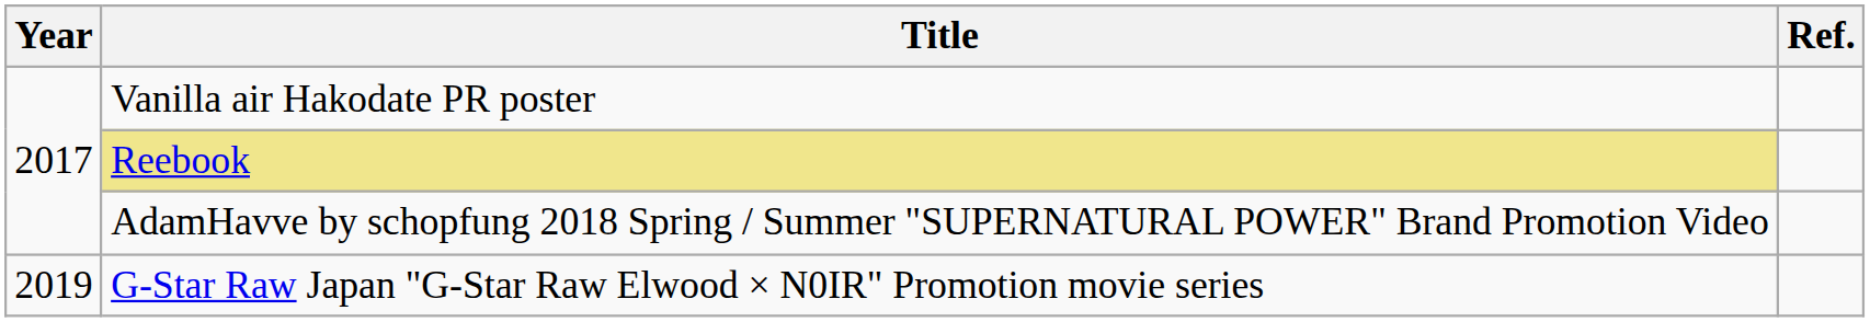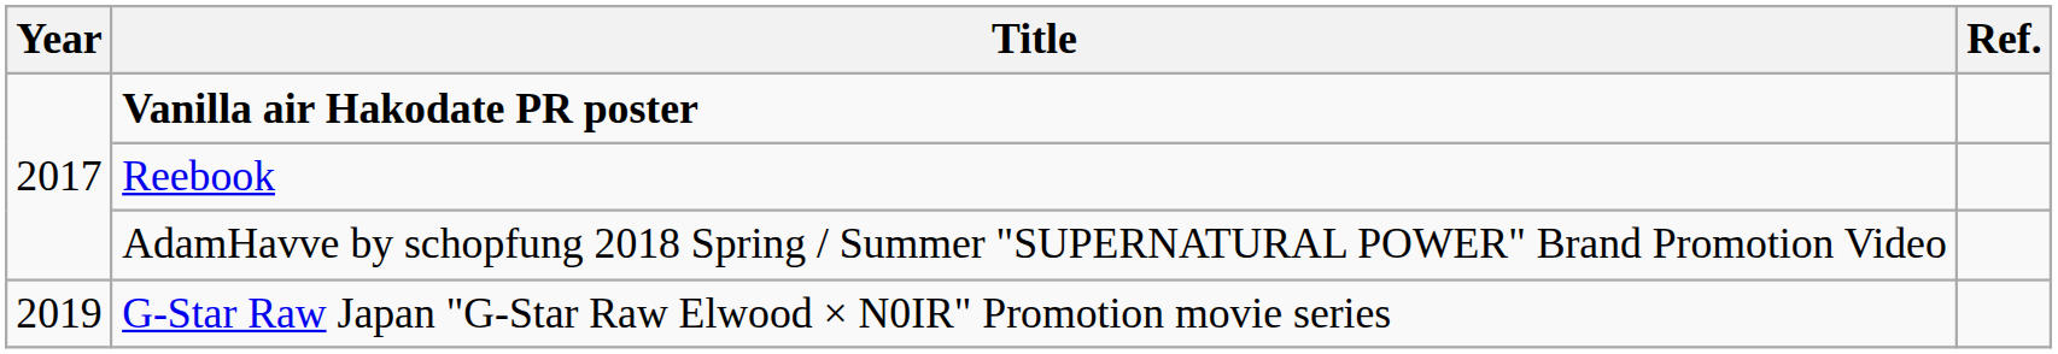 <table class="wikitable">
 <tr>
 <th>Year</th>
 <th>Title</th>
 <th>Ref.</th>
 </tr>
 <tr>
 <td rowspan="3">2017</td>
-<td>Vanilla air Hakodate PR poster</td>
+<td><strong>Vanilla air Hakodate PR poster</strong></td>
 <td></td>
 </tr>
 <tr>
-<td style="background: khaki;"><a href='#'>Reebook</a></td>
+<td><a href='#'>Reebook</a></td>
 <td></td>
 </tr>
 <tr>
 <td>AdamHavve by schopfung 2018 Spring / Summer "SUPERNATURAL POWER" Brand Promotion Video</td>
 <td></td>
 </tr>
 <tr>
 <td>2019</td>
 <td><a href='#'>G-Star Raw</a> Japan "G-Star Raw Elwood × N0IR" Promotion movie series</td>
 <td></td>
 </tr>
 </table>
